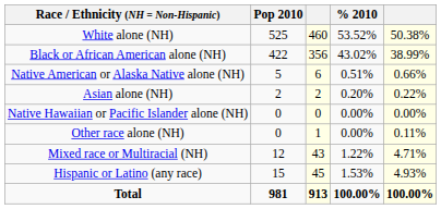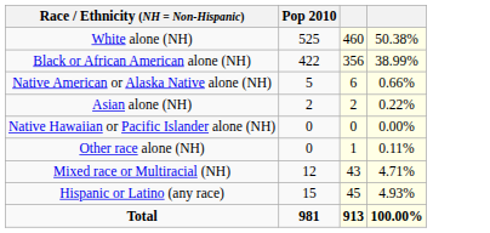 <table class="wikitable" style="text-align:center;">
 <tr>
 <th>Race / Ethnicity <small>(<em>NH = Non-Hispanic</em>)</small></th>
 <th>Pop 2010</th>
 <th></th>
-<th>% 2010</th>
 <th></th>
 </tr>
 <tr>
 <td><a href='#'>White</a> alone (NH)</td>
 <td>525</td>
 <td style='background: #ffffe6;'>460</td>
-<td>53.52%</td>
 <td style='background: #ffffe6;'>50.38%</td>
 </tr>
 <tr>
 <td><a href='#'>Black or African American</a> alone (NH)</td>
 <td>422</td>
 <td style='background: #ffffe6;'>356</td>
-<td>43.02%</td>
 <td style='background: #ffffe6;'>38.99%</td>
 </tr>
 <tr>
 <td><a href='#'>Native American</a> or <a href='#'>Alaska Native</a> alone (NH)</td>
 <td>5</td>
 <td style='background: #ffffe6;'>6</td>
-<td>0.51%</td>
 <td style='background: #ffffe6;'>0.66%</td>
 </tr>
 <tr>
 <td><a href='#'>Asian</a> alone (NH)</td>
 <td>2</td>
 <td style='background: #ffffe6;'>2</td>
-<td>0.20%</td>
 <td style='background: #ffffe6;'>0.22%</td>
 </tr>
 <tr>
 <td><a href='#'>Native Hawaiian</a> or <a href='#'>Pacific Islander</a> alone (NH)</td>
 <td>0</td>
 <td style='background: #ffffe6;'>0</td>
-<td>0.00%</td>
 <td style='background: #ffffe6;'>0.00%</td>
 </tr>
 <tr>
 <td><a href='#'>Other race</a> alone (NH)</td>
 <td>0</td>
 <td style='background: #ffffe6;'>1</td>
-<td>0.00%</td>
 <td style='background: #ffffe6;'>0.11%</td>
 </tr>
 <tr>
 <td><a href='#'>Mixed race or Multiracial</a> (NH)</td>
 <td>12</td>
 <td style='background: #ffffe6;'>43</td>
-<td>1.22%</td>
 <td style='background: #ffffe6;'>4.71%</td>
 </tr>
 <tr>
 <td><a href='#'>Hispanic or Latino</a> (any race)</td>
 <td>15</td>
 <td style='background: #ffffe6;'>45</td>
-<td>1.53%</td>
 <td style='background: #ffffe6;'>4.93%</td>
 </tr>
 <tr>
 <td><strong>Total</strong></td>
 <td><strong>981</strong></td>
 <td style='background: #ffffe6;'><strong>913</strong></td>
-<td><strong>100.00%</strong></td>
 <td style='background: #ffffe6;'><strong>100.00%</strong></td>
 </tr>
 </table>
